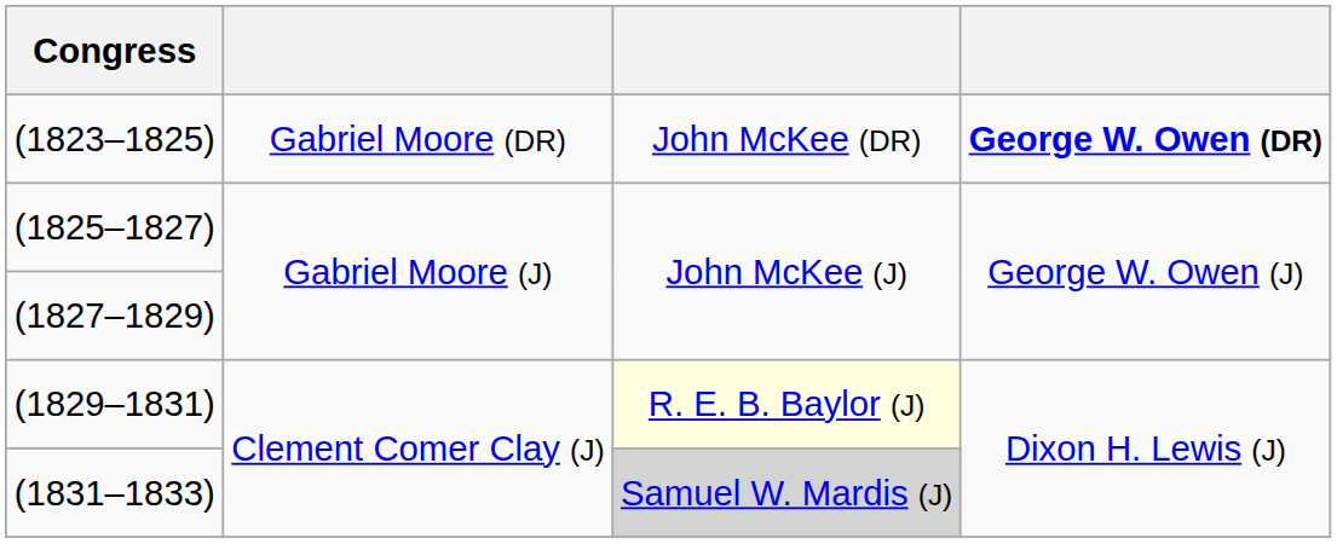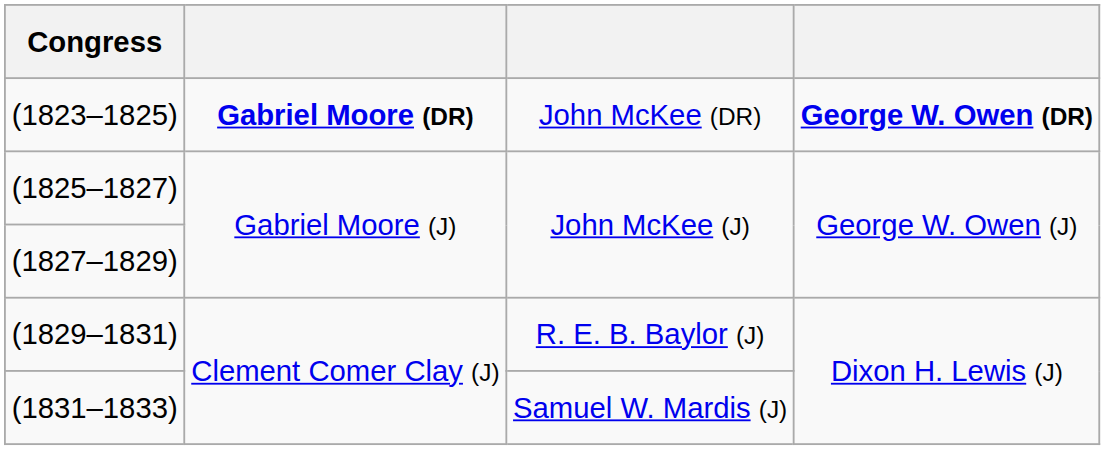 <table class=wikitable style="text-align:center">
 <tr style="height:2.5em">
 <th>Congress</th>
 <th></th>
 <th></th>
 <th></th>
 </tr>
 <tr style="height:2.5em">
 <td><strong></strong> (1823–1825)</td>
-<td><a href='#'>Gabriel Moore</a> <small>(DR)</small></td>
+<td><strong><a href='#'>Gabriel Moore</a> <small>(DR)</small></strong></td>
 <td><a href='#'>John McKee</a> <small>(DR)</small></td>
 <td><strong><a href='#'>George W. Owen</a> <small>(DR)</small></strong></td>
 </tr>
 <tr style="height:2.5em">
 <td><strong></strong> (1825–1827)</td>
 <td rowspan=2 ><a href='#'>Gabriel Moore</a> <small>(J)</small></td>
 <td rowspan=2 ><a href='#'>John McKee</a> <small>(J)</small></td>
 <td rowspan=2 ><a href='#'>George W. Owen</a> <small>(J)</small></td>
 </tr>
 <tr style="height:2.5em">
 <td><strong></strong> (1827–1829)</td>
 </tr>
 <tr style="height:2.5em">
 <td><strong></strong> (1829–1831)</td>
 <td rowspan=2 ><a href='#'>Clement Comer Clay</a> <small>(J)</small></td>
-<td style="background: lightyellow;"><a href='#'>R. E. B. Baylor</a> <small>(J)</small></td>
+<td><a href='#'>R. E. B. Baylor</a> <small>(J)</small></td>
 <td rowspan=2 ><a href='#'>Dixon H. Lewis</a> <small>(J)</small></td>
 </tr>
 <tr style="height:2.5em">
 <td><strong></strong> (1831–1833)</td>
-<td style="background: lightgrey;"><a href='#'>Samuel W. Mardis</a> <small>(J)</small></td>
+<td><a href='#'>Samuel W. Mardis</a> <small>(J)</small></td>
 </tr>
 </table>
